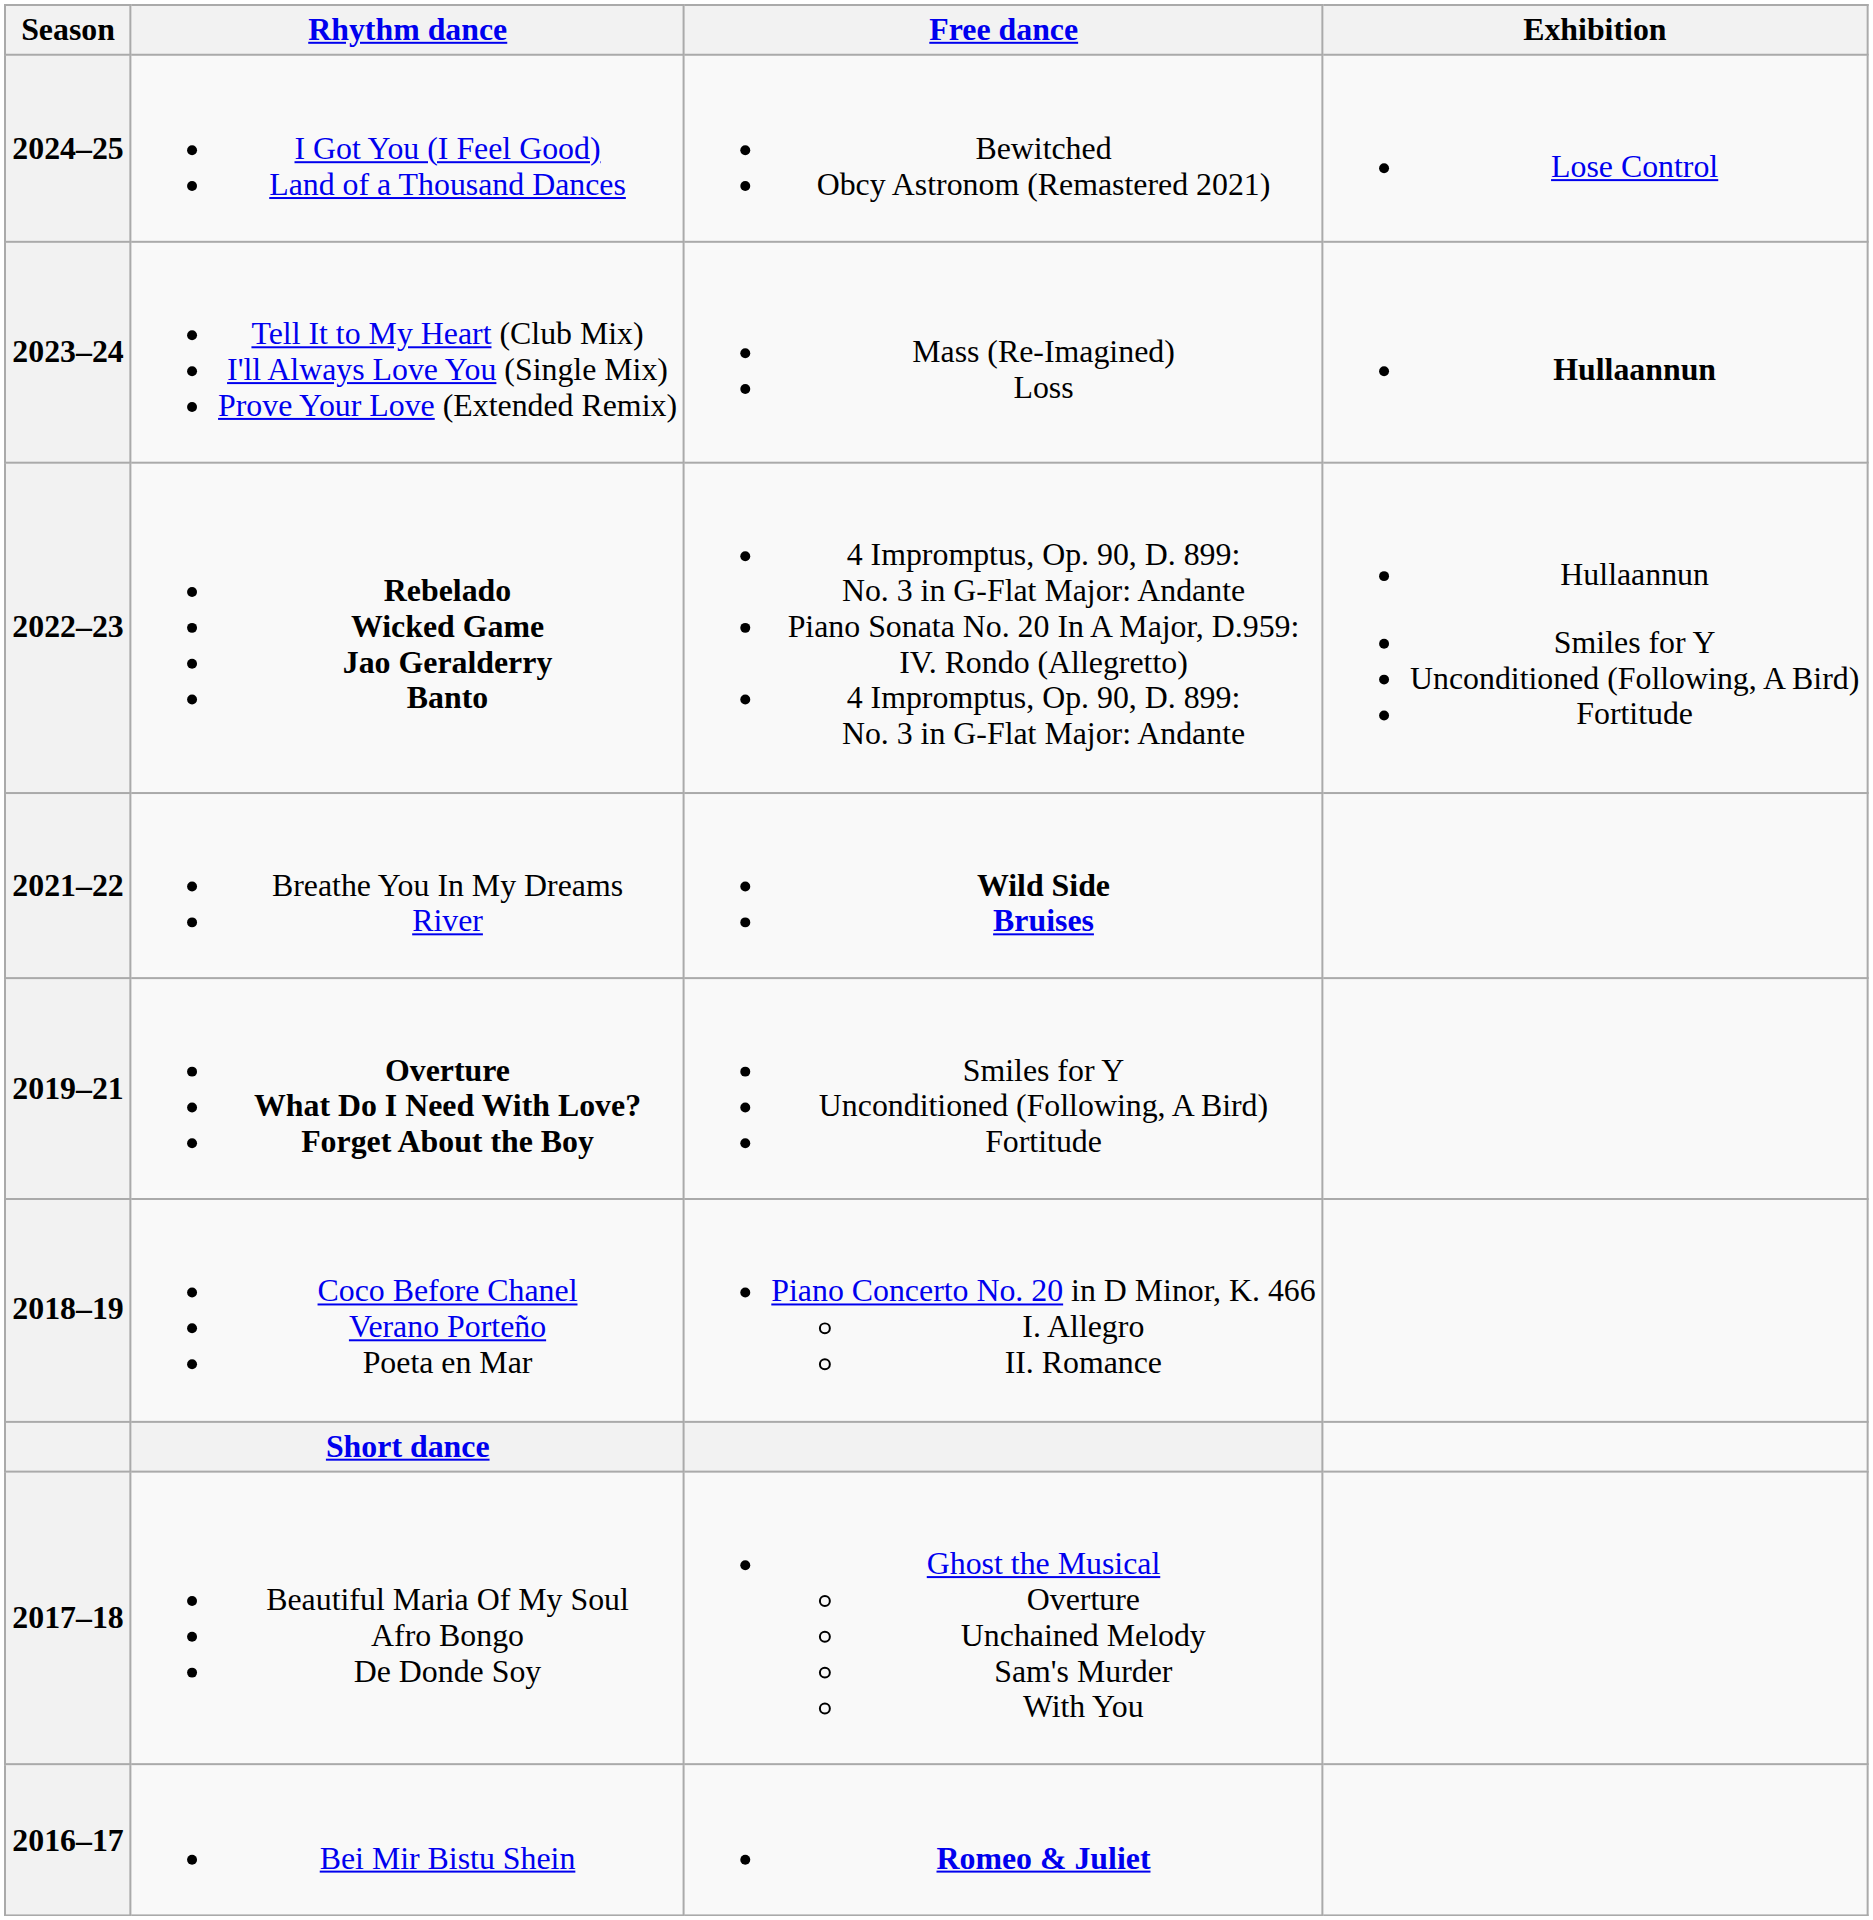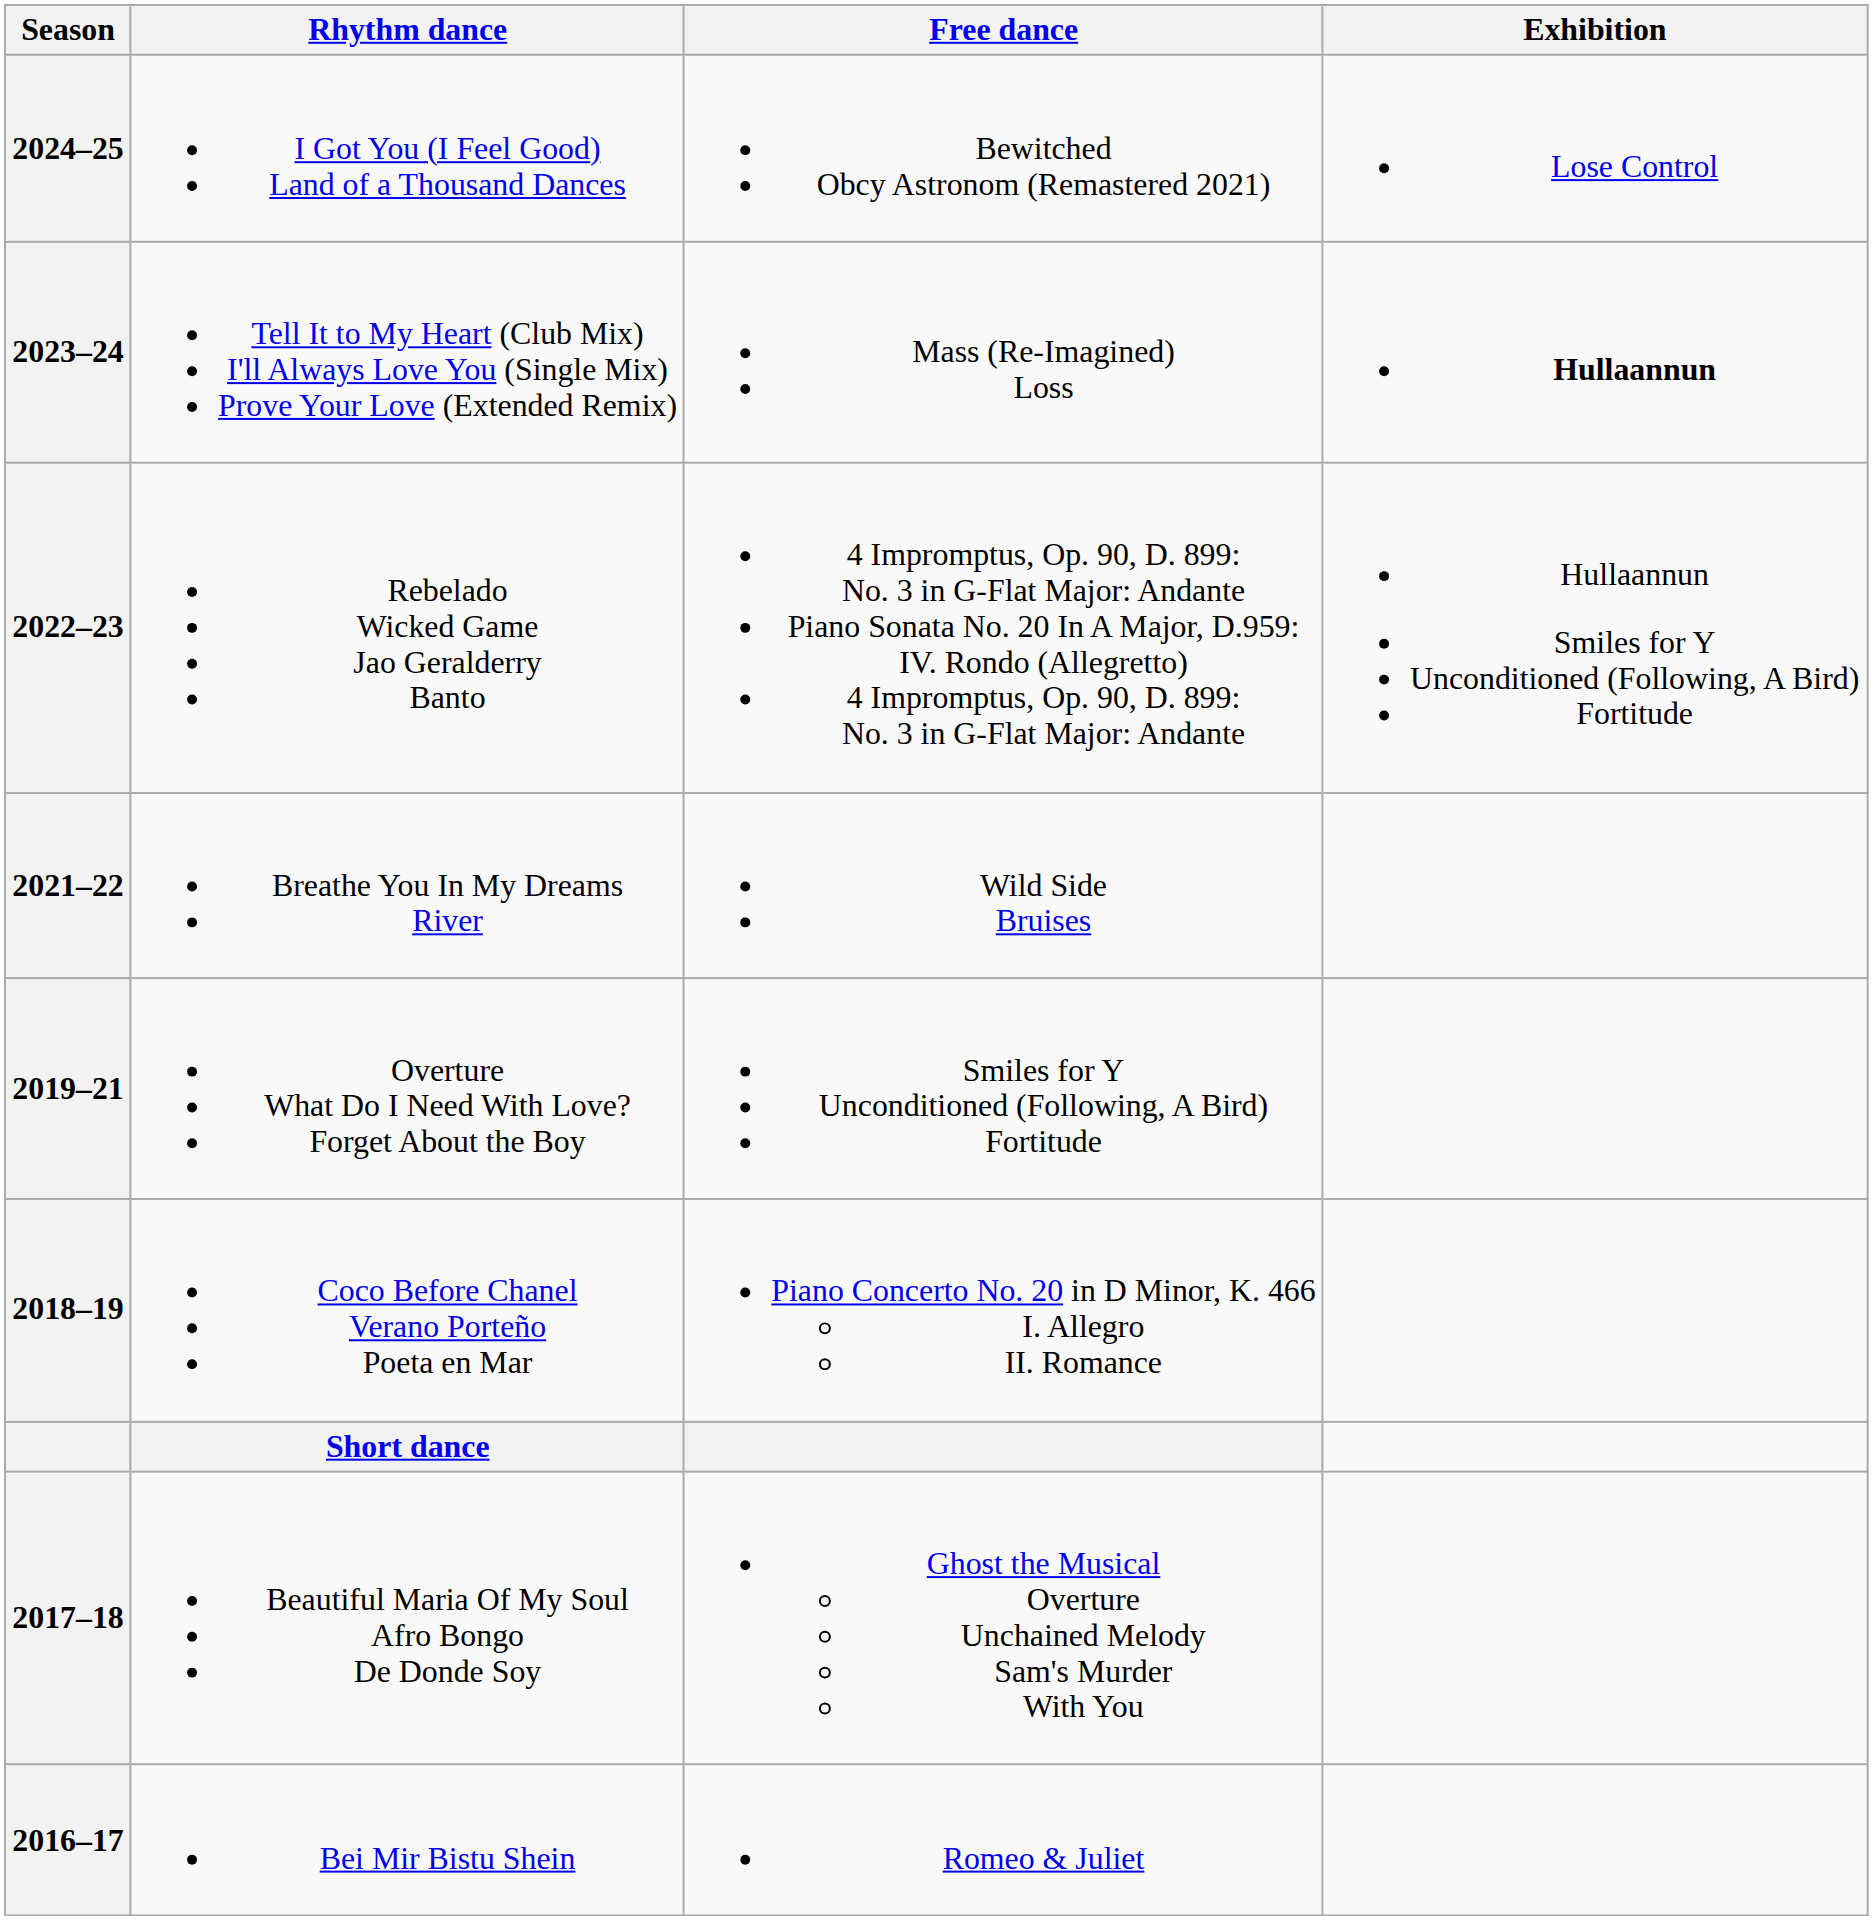 <table class=wikitable style=text-align:center>
 <tr>
 <th>Season</th>
 <th><a href='#'>Rhythm dance</a></th>
 <th><a href='#'>Free dance</a></th>
 <th>Exhibition</th>
 </tr>
 <tr>
 <th>2024–25 <br> </th>
 <td><br><ul><li><a href='#'>I Got You (I Feel Good)</a> <br> </li><li><a href='#'>Land of a Thousand Dances</a> <br> </li></ul></td>
 <td><br><ul><li>Bewitched <br> </li><li>Obcy Astronom (Remastered 2021) <br> </li></ul></td>
 <td><br><ul><li><a href='#'>Lose Control</a> <br> </li></ul></td>
 </tr>
 <tr>
 <th>2023–24 <br> </th>
 <td><br><ul><li><a href='#'>Tell It to My Heart</a> (Club Mix)</li><li><a href='#'>I'll Always Love You</a> (Single Mix)</li><li><a href='#'>Prove Your Love</a> (Extended Remix) <br> </li></ul></td>
 <td><br><ul><li>Mass (Re-Imagined)</li><li>Loss <br> </li></ul></td>
 <td><strong><br><ul><li>Hullaannun <br></li></ul></strong></td>
 </tr>
 <tr>
 <th>2022–23 <br> </th>
-<td><strong><br><ul><li> Rebelado <br></li><li> Wicked Game <br></li><li> Jao Geralderry <br></li><li> Banto <br></li></ul></strong></td>
+<td><br><ul><li> Rebelado <br></li><li> Wicked Game <br></li><li> Jao Geralderry <br></li><li> Banto <br></li></ul></td>
 <td><br><ul><li>4 Impromptus, Op. 90, D. 899:<br> No. 3 in G-Flat Major: Andante</li><li>Piano Sonata No. 20 In A Major, D.959:<br> IV. Rondo (Allegretto)</li><li>4 Impromptus, Op. 90, D. 899:<br> No. 3 in G-Flat Major: Andante <br></li></ul></td>
 <td><br><ul><li>Hullaannun <br></li></ul><ul><li>Smiles for Y <br> </li><li>Unconditioned (Following, A Bird) <br> </li><li>Fortitude <br> </li></ul></td>
 </tr>
 <tr>
 <th>2021–22 <br> </th>
 <td><br><ul><li> Breathe You In My Dreams <br></li><li> <a href='#'>River</a> <br> </li></ul></td>
-<td><strong><br><ul><li>Wild Side <br> </li><li><a href='#'>Bruises</a> <br> </li></ul></strong></td>
+<td><br><ul><li>Wild Side <br> </li><li><a href='#'>Bruises</a> <br> </li></ul></td>
 <td></td>
 </tr>
 <tr>
 <th>2019–21 <br> </th>
-<td><strong><br><ul><li> Overture</li><li> What Do I Need With Love?</li><li>Forget About the Boy <br> </li></ul></strong></td>
+<td><br><ul><li> Overture</li><li> What Do I Need With Love?</li><li>Forget About the Boy <br> </li></ul></td>
 <td><br><ul><li>Smiles for Y <br> </li><li>Unconditioned (Following, A Bird) <br> </li><li>Fortitude <br> </li></ul></td>
 <td></td>
 </tr>
 <tr>
 <th>2018–19 <br> </th>
 <td><br><ul><li><a href='#'>Coco Before Chanel</a> <br></li><li> <a href='#'>Verano Porteño</a> <br></li><li> Poeta en Mar <br></li></ul></td>
 <td><br><ul><li><a href='#'>Piano Concerto No. 20</a> in D Minor, K. 466 <br><ul><li>I. Allegro</li><li>II. Romance <br></li></ul></li></ul></td>
 <td></td>
 </tr>
 <tr>
 <th></th>
 <th><a href='#'>Short dance</a></th>
 <th></th>
 </tr>
 <tr>
 <th>2017–18 <br> </th>
 <td><br><ul><li>Beautiful Maria Of My Soul <br></li><li>Afro Bongo <br></li><li>De Donde Soy <br></li></ul></td>
 <td><br><ul><li><a href='#'>Ghost the Musical</a> <br><ul><li>Overture</li><li>Unchained Melody</li><li>Sam's Murder</li><li>With You</li></ul></li></ul></td>
 <td></td>
 </tr>
 <tr>
 <th>2016–17</th>
 <td><br><ul><li><a href='#'>Bei Mir Bistu Shein</a> <br></li></ul></td>
-<td><strong><br><ul><li><a href='#'>Romeo & Juliet</a> <br></li></ul></strong></td>
+<td><br><ul><li><a href='#'>Romeo & Juliet</a> <br></li></ul></td>
 <td></td>
 </tr>
 </table>
